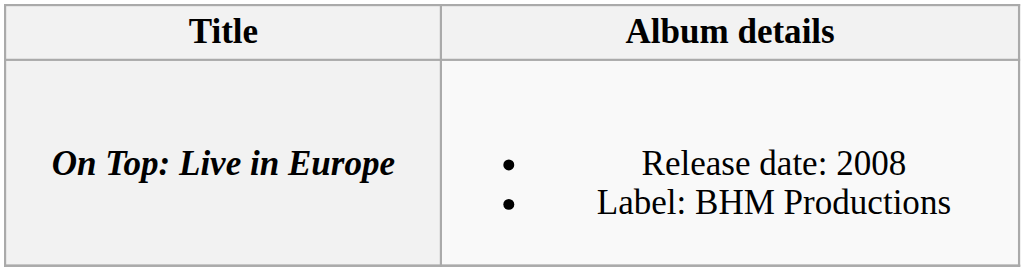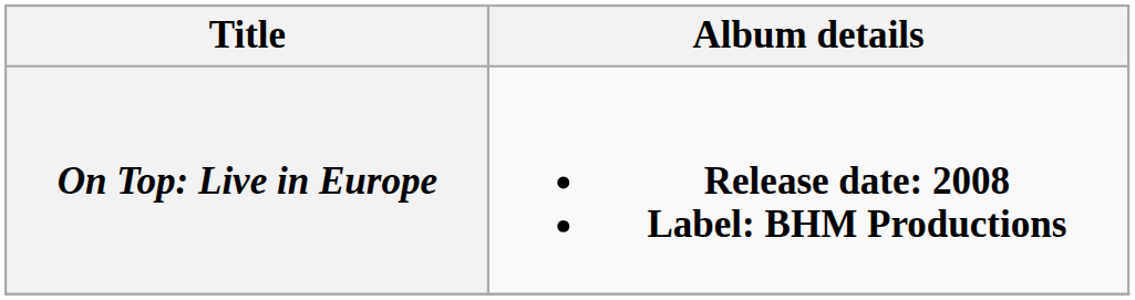 <table class="wikitable plainrowheaders" style="text-align:center;">
 <tr>
 <th style="width:12em;">Title</th>
 <th style="width:16em;">Album details</th>
 </tr>
 <tr>
 <th scope="row"><em>On Top: Live in Europe</em></th>
-<td><br><ul><li>Release date: 2008</li><li>Label: BHM Productions</li></ul></td>
+<td><strong><br><ul><li>Release date: 2008</li><li>Label: BHM Productions</li></ul></strong></td>
 </tr>
 <tr>
 </tr>
 </table>
